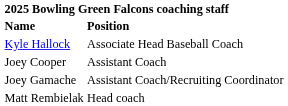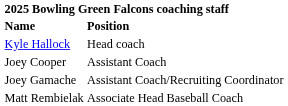 <table class="toccolours" style="text-align: left; font-size:90%;">
 <tr>
 <th colspan="9">2025 Bowling Green Falcons coaching staff</th>
 </tr>
 <tr>
 <th>Name</th>
 <th>Position</th>
 </tr>
 <tr>
 <td><a href='#'>Kyle Hallock</a></td>
-<td>Associate Head Baseball Coach</td>
+<td>Head coach</td>
 </tr>
 <tr>
 <td>Joey Cooper</td>
 <td>Assistant Coach</td>
 </tr>
 <tr>
 <td>Joey Gamache</td>
 <td>Assistant Coach/Recruiting Coordinator</td>
 </tr>
 <tr>
 <td>Matt Rembielak</td>
-<td>Head coach</td>
+<td>Associate Head Baseball Coach</td>
 </tr>
 </table>
